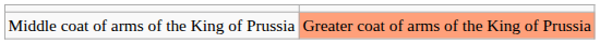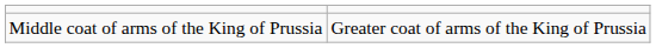 <table class="wikitable" style="margin:1em auto; text-align:center;">
 <tr>
 <td></td>
 <td></td>
 </tr>
 <tr>
 <td>Middle coat of arms of the King of Prussia</td>
-<td style="background: lightsalmon;">Greater coat of arms of the King of Prussia</td>
+<td>Greater coat of arms of the King of Prussia</td>
 </tr>
 </table>
